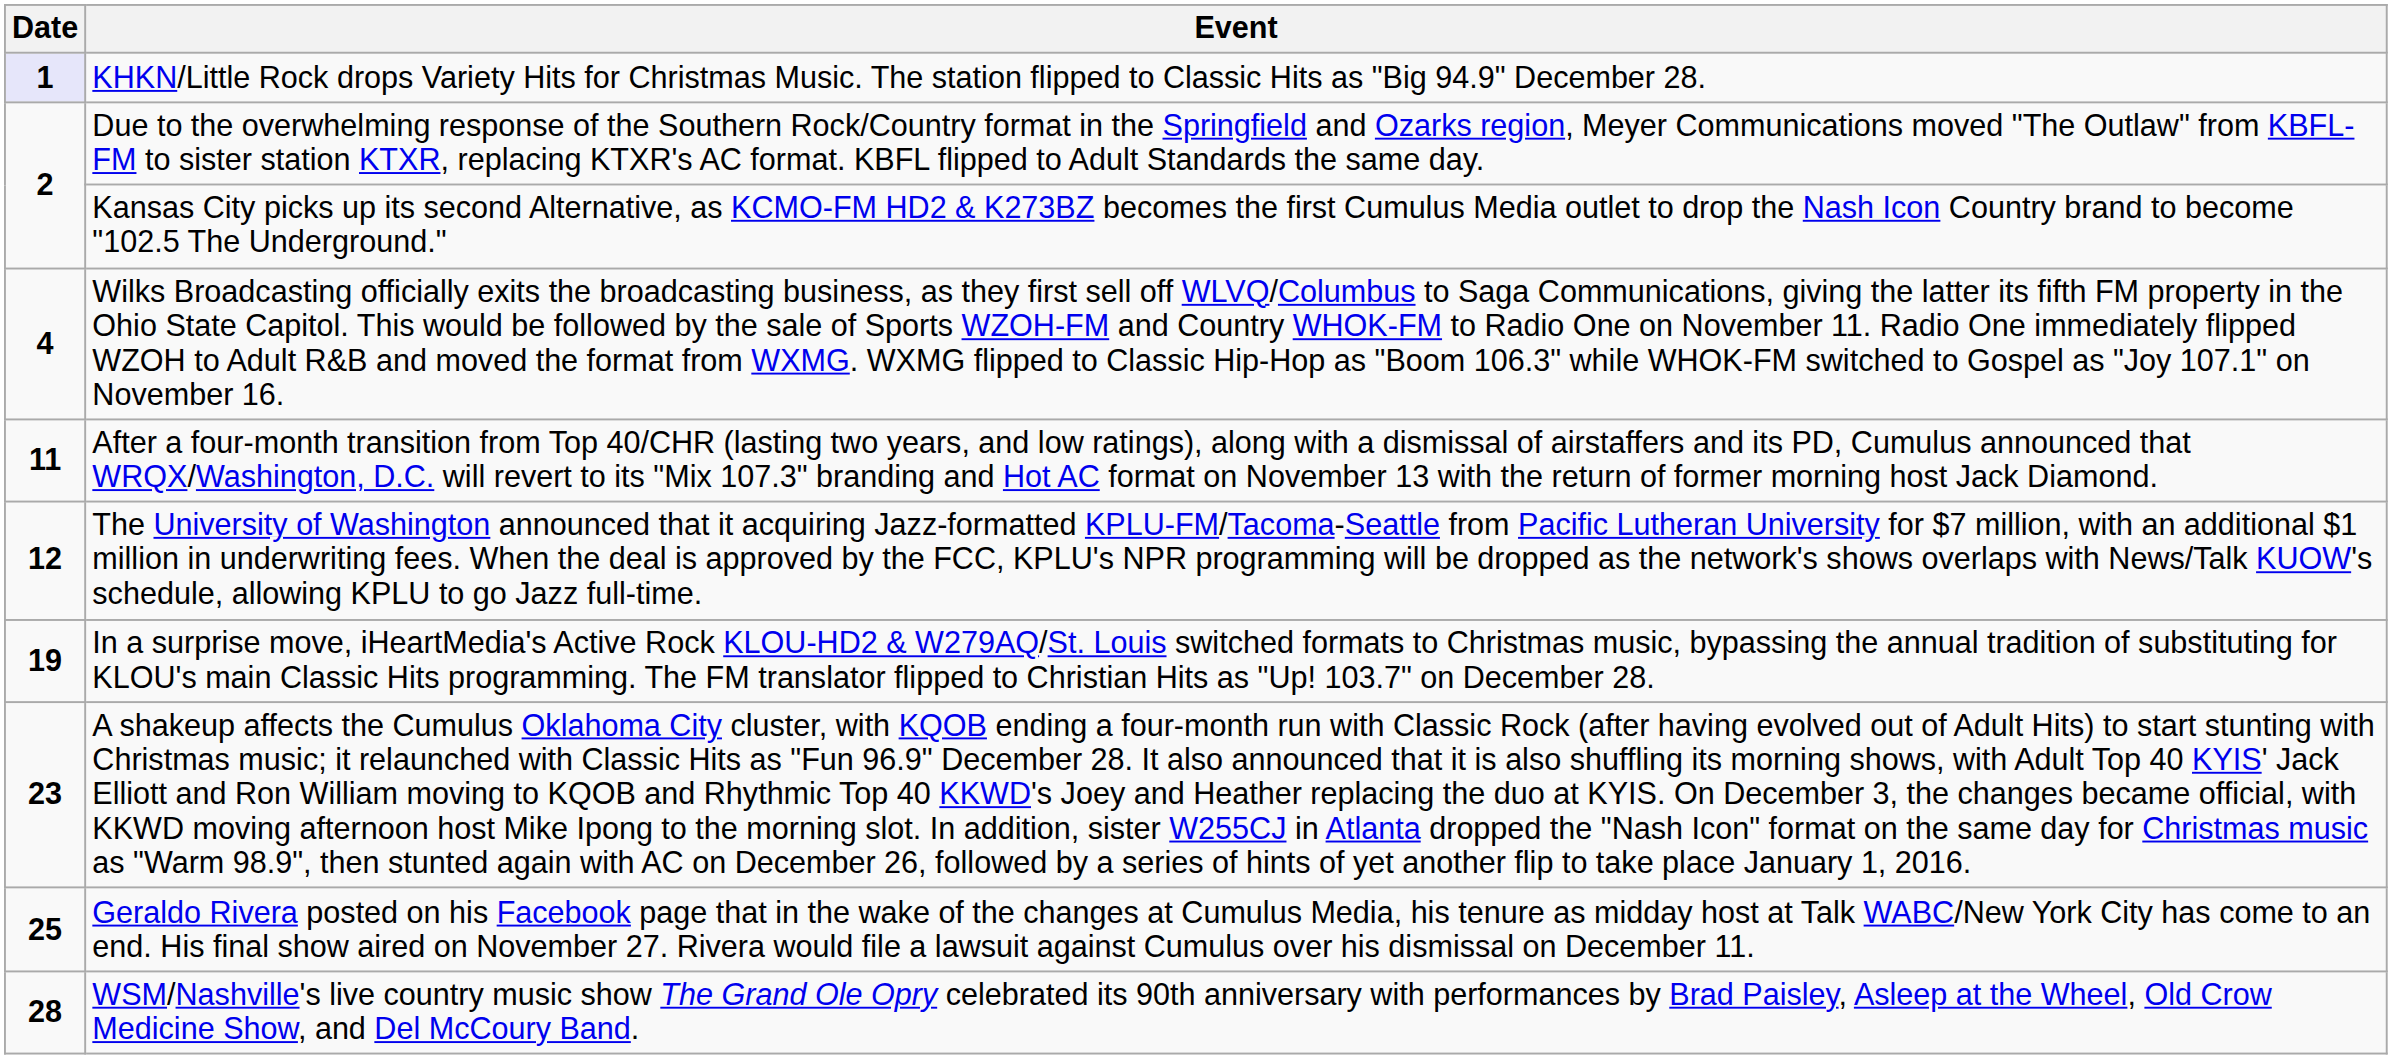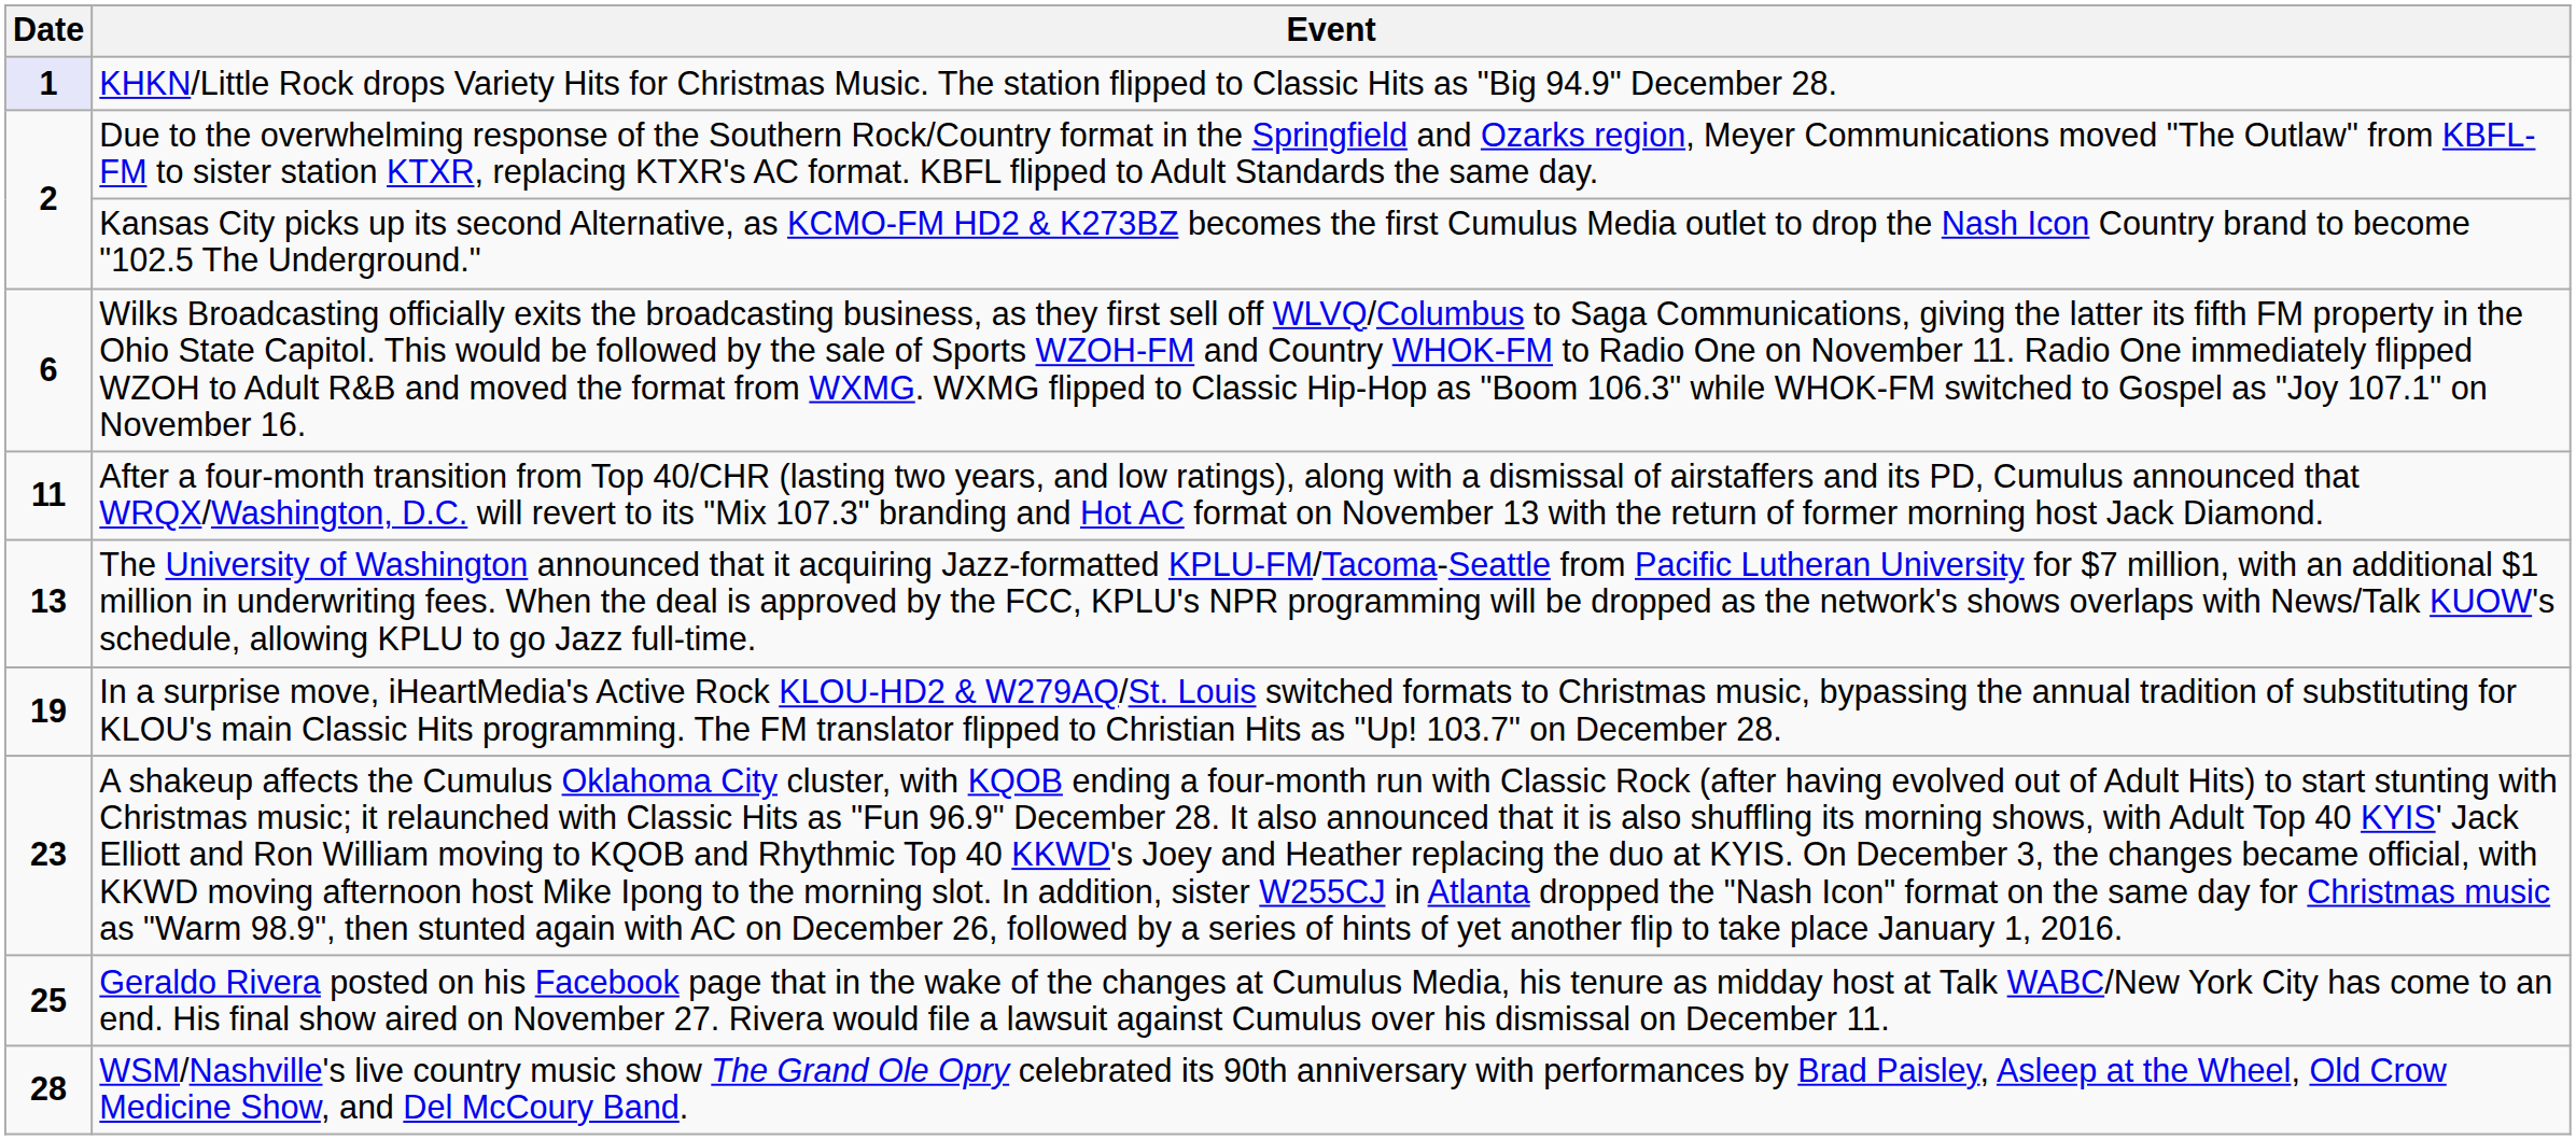 <table class="wikitable">
 <tr>
 <th>Date</th>
 <th>Event</th>
 </tr>
 <tr>
 <td style="background: lavender; text-align:center"><strong>1</strong></td>
 <td><a href='#'>KHKN</a>/Little Rock drops Variety Hits for Christmas Music. The station flipped to Classic Hits as "Big 94.9" December 28.</td>
 </tr>
 <tr>
 <td style="text-align:center" rowspan="2"><strong>2</strong></td>
 <td>Due to the overwhelming response of the Southern Rock/Country format in the <a href='#'>Springfield</a> and <a href='#'>Ozarks region</a>, Meyer Communications moved "The Outlaw" from <a href='#'>KBFL-FM</a> to sister station <a href='#'>KTXR</a>, replacing KTXR's AC format. KBFL flipped to Adult Standards the same day.</td>
 </tr>
 <tr>
 <td>Kansas City picks up its second Alternative, as <a href='#'>KCMO-FM HD2 & K273BZ</a> becomes the first Cumulus Media outlet to drop the <a href='#'>Nash Icon</a> Country brand to become "102.5 The Underground."</td>
 </tr>
 <tr>
-<td style="text-align:center"><strong>4</strong></td>
+<td style="text-align:center"><strong>6</strong></td>
 <td>Wilks Broadcasting officially exits the broadcasting business, as they first sell off <a href='#'>WLVQ</a>/<a href='#'>Columbus</a> to Saga Communications, giving the latter its fifth FM property in the Ohio State Capitol. This would be followed by the sale of Sports <a href='#'>WZOH-FM</a> and Country <a href='#'>WHOK-FM</a> to Radio One on November 11. Radio One immediately flipped WZOH to Adult R&B and moved the format from <a href='#'>WXMG</a>. WXMG flipped to Classic Hip-Hop as "Boom 106.3" while WHOK-FM switched to Gospel as "Joy 107.1" on November 16.</td>
 </tr>
 <tr>
 <td style="text-align:center"><strong>11</strong></td>
 <td>After a four-month transition from Top 40/CHR (lasting two years, and low ratings), along with a dismissal of airstaffers and its PD, Cumulus announced that <a href='#'>WRQX</a>/<a href='#'>Washington, D.C.</a> will revert to its "Mix 107.3" branding and <a href='#'>Hot AC</a> format on November 13 with the return of former morning host Jack Diamond.</td>
 </tr>
 <tr>
-<td style="text-align:center"><strong>12</strong></td>
+<td style="text-align:center"><strong>13</strong></td>
 <td>The <a href='#'>University of Washington</a> announced that it acquiring Jazz-formatted <a href='#'>KPLU-FM</a>/<a href='#'>Tacoma</a>-<a href='#'>Seattle</a> from <a href='#'>Pacific Lutheran University</a> for $7 million, with an additional $1 million in underwriting fees. When the deal is approved by the FCC, KPLU's NPR programming will be dropped as the network's shows overlaps with News/Talk <a href='#'>KUOW</a>'s schedule, allowing KPLU to go Jazz full-time.</td>
 </tr>
 <tr>
 <td style="text-align:center"><strong>19</strong></td>
 <td>In a surprise move, iHeartMedia's Active Rock <a href='#'>KLOU-HD2 & W279AQ</a>/<a href='#'>St. Louis</a> switched formats to Christmas music, bypassing the annual tradition of substituting for KLOU's main Classic Hits programming. The FM translator flipped to Christian Hits as "Up! 103.7" on December 28.</td>
 </tr>
 <tr>
 <td style="text-align:center"><strong>23</strong></td>
 <td>A shakeup affects the Cumulus <a href='#'>Oklahoma City</a> cluster, with <a href='#'>KQOB</a> ending a four-month run with Classic Rock (after having evolved out of Adult Hits) to start stunting with Christmas music; it relaunched with Classic Hits as "Fun 96.9" December 28. It also announced that it is also shuffling its morning shows, with Adult Top 40 <a href='#'>KYIS</a>' Jack Elliott and Ron William moving to KQOB and Rhythmic Top 40 <a href='#'>KKWD</a>'s Joey and Heather replacing the duo at KYIS. On December 3, the changes became official, with KKWD moving afternoon host Mike Ipong to the morning slot. In addition, sister <a href='#'>W255CJ</a> in <a href='#'>Atlanta</a> dropped the "Nash Icon" format on the same day for <a href='#'>Christmas music</a> as "Warm 98.9", then stunted again with AC on December 26, followed by a series of hints of yet another flip to take place January 1, 2016.</td>
 </tr>
 <tr>
 <td style="text-align:center"><strong>25</strong></td>
 <td><a href='#'>Geraldo Rivera</a> posted on his <a href='#'>Facebook</a> page that in the wake of the changes at Cumulus Media, his tenure as midday host at Talk <a href='#'>WABC</a>/New York City has come to an end. His final show aired on November 27. Rivera would file a lawsuit against Cumulus over his dismissal on December 11.</td>
 </tr>
 <tr>
 <td style="text-align:center"><strong>28</strong></td>
 <td><a href='#'>WSM</a>/<a href='#'>Nashville</a>'s live country music show <em><a href='#'>The Grand Ole Opry</a></em> celebrated its 90th anniversary with performances by <a href='#'>Brad Paisley</a>, <a href='#'>Asleep at the Wheel</a>, <a href='#'>Old Crow Medicine Show</a>, and <a href='#'>Del McCoury Band</a>.</td>
 </tr>
 </table>
